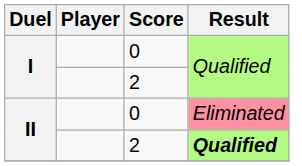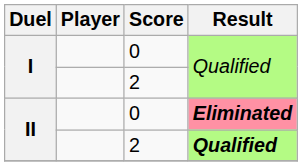 <table class="wikitable sortable">
 <tr>
 <th>Duel</th>
 <th>Player</th>
 <th>Score</th>
 <th>Result</th>
 </tr>
 <tr>
 <th rowspan="2" class="unsortable">I</th>
 <td></td>
 <td>0</td>
 <td rowspan=2 style="background:#B4FB84"><em>Qualified</em></td>
 </tr>
 <tr>
 <td></td>
 <td>2</td>
 </tr>
 <tr>
 <th rowspan="2" class="unsortable">II</th>
 <td></td>
 <td>0</td>
-<td style="background:#FF91A4"><em>Eliminated</em></td>
+<td style="background:#FF91A4"><strong><em>Eliminated</em></strong></td>
 </tr>
 <tr>
 <td></td>
 <td>2</td>
 <td style="background:#B4FB84"><strong><em>Qualified</em></strong></td>
 </tr>
 <tr>
 </tr>
 </table>
